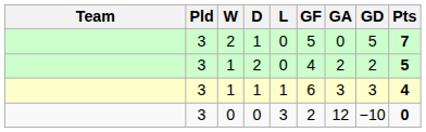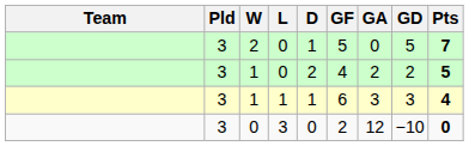 <table class="wikitable" style="text-align:center;">
 <tr>
 <th width=180>Team</th>
 <th width=20>Pld</th>
 <th width=20>W</th>
+<th width=20>L</th>
 <th width=20>D</th>
-<th width=20>L</th>
 <th width=20>GF</th>
 <th width=20>GA</th>
 <th width=20>GD</th>
 <th width=20>Pts</th>
 </tr>
 <tr bgcolor="ccffcc">
 <td style="text-align:left;"></td>
 <td>3</td>
 <td>2</td>
+<td>0</td>
 <td>1</td>
-<td>0</td>
 <td>5</td>
 <td>0</td>
 <td>5</td>
 <td><strong>7</strong></td>
 </tr>
 <tr bgcolor="ccffcc">
 <td style="text-align:left;"><em></em></td>
 <td>3</td>
 <td>1</td>
+<td>0</td>
 <td>2</td>
-<td>0</td>
 <td>4</td>
 <td>2</td>
 <td>2</td>
 <td><strong>5</strong></td>
 </tr>
 <tr bgcolor="ffffcc">
 <td style="text-align:left;"></td>
 <td>3</td>
 <td>1</td>
 <td>1</td>
 <td>1</td>
 <td>6</td>
 <td>3</td>
 <td>3</td>
 <td><strong>4</strong></td>
 </tr>
 <tr>
 <td style="text-align:left;"></td>
 <td>3</td>
 <td>0</td>
+<td>3</td>
 <td>0</td>
-<td>3</td>
 <td>2</td>
 <td>12</td>
 <td>−10</td>
 <td><strong>0</strong></td>
 </tr>
 </table>
